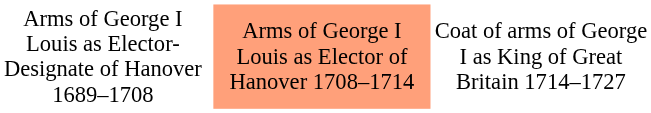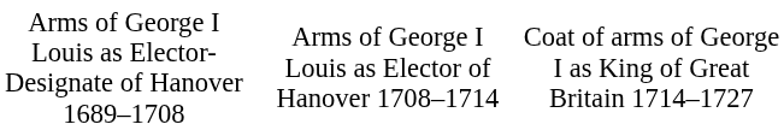 <table border="0" align="center" width="75%" style="table-layout:fixed">
 <tr>
 <th></th>
 <th></th>
 <th></th>
 </tr>
 <tr>
 <td style="text-align: center">Arms of George I Louis as Elector-Designate of Hanover 1689–1708</td>
-<td style="background: lightsalmon; text-align: center">Arms of George I Louis as Elector of Hanover 1708–1714</td>
+<td style="text-align: center">Arms of George I Louis as Elector of Hanover 1708–1714</td>
 <td style="text-align: center">Coat of arms of George I as King of Great Britain 1714–1727</td>
 </tr>
 </table>
